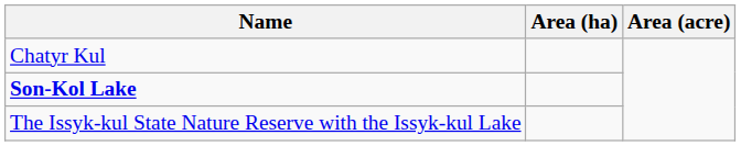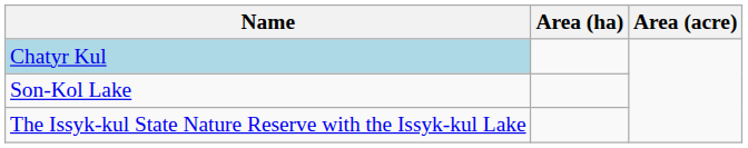 <table class="wikitable sortable">
 <tr>
 <th scope="col" align=left>Name</th>
 <th scope="col">Area (ha)</th>
 <th scope="col">Area (acre)</th>
 </tr>
 <tr ---->
-<td><a href='#'>Chatyr Kul</a></td>
+<td style="background: lightblue;"><a href='#'>Chatyr Kul</a></td>
 <td></td>
 </tr>
 <tr ---->
-<td><strong><a href='#'>Son-Kol Lake</a></strong></td>
+<td><a href='#'>Son-Kol Lake</a></td>
 <td></td>
 </tr>
 <tr ---->
 <td><a href='#'>The Issyk-kul State Nature Reserve with the Issyk-kul Lake</a></td>
 <td></td>
 </tr>
 </table>
